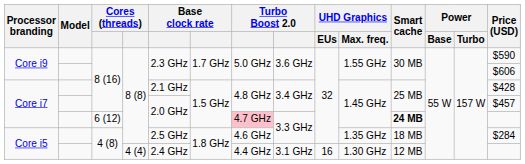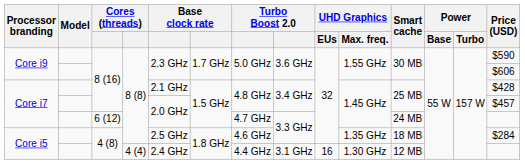 <table class="wikitable sortable" style="text-align:center;">
 <tr>
 <th rowspan="2">Processor <br>branding</th>
 <th rowspan="2">Model</th>
 <th colspan="2"><a href='#'>Cores</a> <br>(<a href='#'>threads</a>)</th>
 <th colspan="2">Base <br><a href='#'>clock rate</a></th>
 <th colspan="2"><a href='#'>Turbo<br>Boost</a> 2.0</th>
 <th colspan="2"><a href='#'>UHD Graphics</a></th>
 <th rowspan="2">Smart <br>cache</th>
 <th colspan="2">Power</th>
 <th rowspan="2">Price <br>(USD)</th>
 </tr>
 <tr>
 <th></th>
 <th></th>
 <th></th>
 <th></th>
 <th></th>
 <th></th>
 <th>EUs</th>
 <th>Max. freq.</th>
 <th>Base</th>
 <th>Turbo</th>
 </tr>
 <tr>
 <td rowspan="2"><a href='#'>Core i9</a></td>
 <td></td>
 <td rowspan="4">8 (16)</td>
 <td rowspan="6">8 (8)</td>
 <td rowspan="2">2.3 GHz</td>
 <td rowspan="2">1.7 GHz</td>
 <td rowspan="2">5.0 GHz</td>
 <td rowspan="2">3.6 GHz</td>
 <td rowspan="6">32</td>
 <td rowspan="2">1.55 GHz</td>
 <td rowspan="2">30 MB</td>
 <td rowspan="7">55 W</td>
 <td rowspan="7">157 W</td>
 <td>$590</td>
 </tr>
 <tr>
 <td></td>
 <td>$606</td>
 </tr>
 <tr>
 <td rowspan="3"><a href='#'>Core i7</a></td>
 <td></td>
 <td>2.1 GHz</td>
 <td rowspan="3">1.5 GHz</td>
 <td rowspan="2">4.8 GHz</td>
 <td rowspan="2">3.4 GHz</td>
 <td rowspan="3">1.45 GHz</td>
 <td rowspan="2">25 MB</td>
 <td>$428</td>
 </tr>
 <tr>
 <td></td>
 <td rowspan="2">2.0 GHz</td>
 <td>$457</td>
 </tr>
 <tr>
 <td></td>
 <td>6 (12)</td>
-<td style="background: pink;">4.7 GHz</td>
+<td>4.7 GHz</td>
 <td rowspan="2">3.3 GHz</td>
-<td><strong>24 MB</strong></td>
+<td>24 MB</td>
 <td></td>
 </tr>
 <tr>
 <td rowspan="2"><a href='#'>Core i5</a></td>
 <td></td>
 <td rowspan="2">4 (8)</td>
 <td>2.5 GHz</td>
 <td rowspan="2">1.8 GHz</td>
 <td>4.6 GHz</td>
 <td>1.35 GHz</td>
 <td>18 MB</td>
 <td>$284</td>
 </tr>
 <tr>
 <td></td>
 <td>4 (4)</td>
 <td>2.4 GHz</td>
 <td>4.4 GHz</td>
 <td>3.1 GHz</td>
 <td>16</td>
 <td>1.30 GHz</td>
 <td>12 MB</td>
 <td></td>
 </tr>
 </table>
